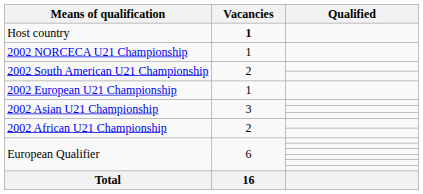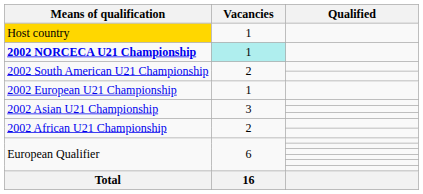 <table class="wikitable">
 <tr>
 <th>Means of qualification</th>
 <th width=18%>Vacancies</th>
 <th width=32%>Qualified</th>
 </tr>
 <tr>
-<td>Host country</td>
-<td align="center"><strong>1</strong></td>
+<td style="background: gold;">Host country</td>
+<td align="center">1</td>
 <td></td>
 </tr>
 <tr>
-<td><a href='#'>2002 NORCECA U21 Championship</a></td>
-<td align="center">1</td>
+<td><strong><a href='#'>2002 NORCECA U21 Championship</a></strong></td>
+<td align="center" style="background: paleturquoise;">1</td>
 <td></td>
 </tr>
 <tr>
 <td rowspan=2><a href='#'>2002 South American U21 Championship</a></td>
 <td rowspan=2 align="center">2</td>
 <td></td>
 </tr>
 <tr>
 <td></td>
 </tr>
 <tr>
 <td><a href='#'>2002 European U21 Championship</a></td>
 <td align="center">1</td>
 <td></td>
 </tr>
 <tr>
 <td rowspan=3><a href='#'>2002 Asian U21 Championship</a></td>
 <td rowspan=3 align="center">3</td>
 <td></td>
 </tr>
 <tr>
 <td></td>
 </tr>
 <tr>
 <td></td>
 </tr>
 <tr>
 <td rowspan=2><a href='#'>2002 African U21 Championship</a></td>
 <td rowspan=2 align="center">2</td>
 <td></td>
 </tr>
 <tr Iran men's national under-21 volleyball team>
 <td></td>
 </tr>
 <tr>
 <td rowspan=6>European Qualifier</td>
 <td rowspan=6 align="center">6</td>
 <td></td>
 </tr>
 <tr>
 <td></td>
 </tr>
 <tr Iran men's national under-21 volleyball team>
 <td></td>
 </tr>
 <tr>
 <td></td>
 </tr>
 <tr>
 <td></td>
 </tr>
 <tr>
 <td></td>
 </tr>
 <tr>
 <th>Total</th>
 <th>16</th>
 <th colspan="2"></th>
 </tr>
 </table>
